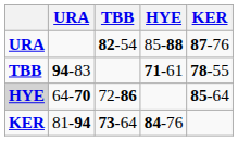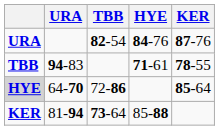 <table class="wikitable">
 <tr>
 <th></th>
 <th> <a href='#'>URA</a></th>
 <th> <a href='#'>TBB</a></th>
 <th> <strong><a href='#'>HYE</a></strong></th>
 <th> <strong><a href='#'>KER</a></strong></th>
 </tr>
 <tr>
 <td> <a href='#'><strong>URA</strong></a></td>
 <td></td>
 <td><strong>82</strong>-54</td>
-<td>85-<strong>88</strong></td>
+<td><strong>84</strong>-76</td>
 <td><strong>87</strong>-76</td>
 </tr>
 <tr>
 <td> <a href='#'><strong>TBB</strong></a></td>
 <td><strong>94</strong>-83</td>
 <td></td>
 <td><strong>71</strong>-61</td>
 <td><strong>78</strong>-55</td>
 </tr>
 <tr>
 <td style="background: lightgrey;"> <strong><a href='#'>HYE</a></strong></td>
 <td>64-<strong>70</strong></td>
 <td>72-<strong>86</strong></td>
 <td></td>
 <td><strong>85</strong>-64</td>
 </tr>
 <tr>
 <td> <strong><a href='#'>KER</a></strong></td>
 <td>81-<strong>94</strong></td>
 <td><strong>73</strong>-64</td>
-<td><strong>84</strong>-76</td>
+<td>85-<strong>88</strong></td>
 <td></td>
 </tr>
 </table>
